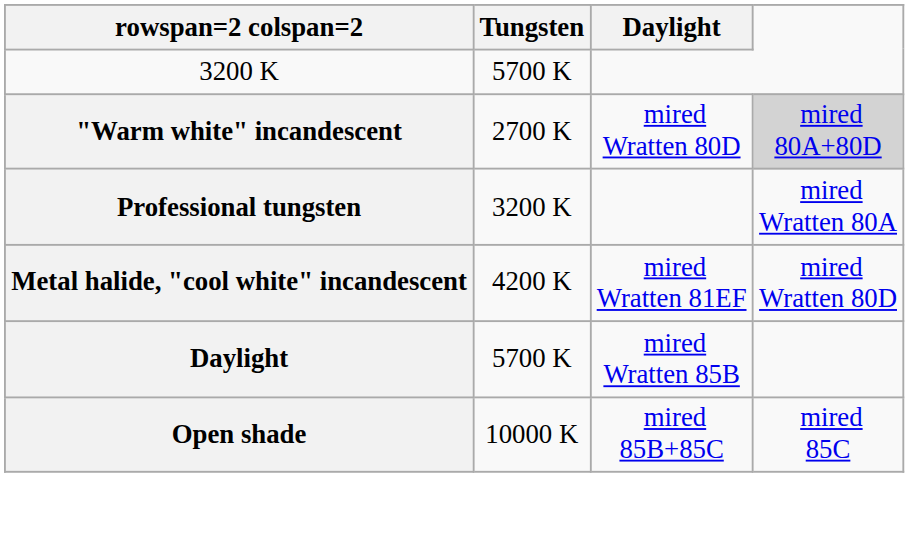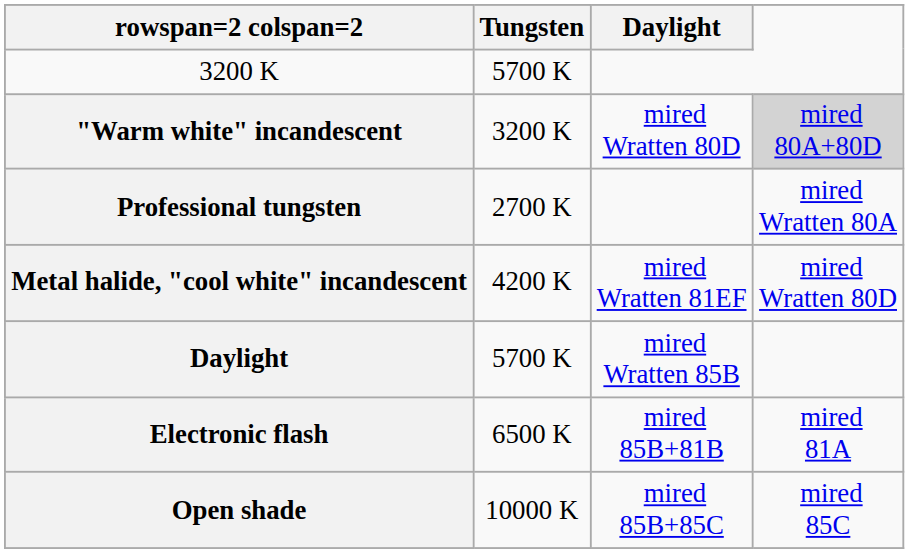 <table class="wikitable" style="font-size:90%;text-align:center;">
 <tr>
 <th>rowspan=2 colspan=2 </th>
 <th>Tungsten</th>
 <th>Daylight</th>
 </tr>
 <tr>
 <td>3200 K</td>
 <td>5700 K</td>
 </tr>
 <tr>
 <th>"Warm white" incandescent</th>
-<td>2700 K</td>
+<td>3200 K</td>
 <td> <a href='#'>mired</a><br><a href='#'>Wratten 80D</a></td>
 <td style="background: lightgrey;"> <a href='#'>mired</a><br><a href='#'>80A+80D</a></td>
 </tr>
 <tr>
 <th>Professional tungsten</th>
-<td>3200 K</td>
+<td>2700 K</td>
 <td></td>
 <td> <a href='#'>mired</a><br><a href='#'>Wratten 80A</a></td>
 </tr>
 <tr>
 <th>Metal halide, "cool white" incandescent</th>
 <td>4200 K</td>
 <td> <a href='#'>mired</a><br><a href='#'>Wratten 81EF</a></td>
 <td> <a href='#'>mired</a><br><a href='#'>Wratten 80D</a></td>
 </tr>
 <tr>
 <th>Daylight</th>
 <td>5700 K</td>
 <td> <a href='#'>mired</a><br><a href='#'>Wratten 85B</a></td>
 <td></td>
 </tr>
 <tr>
+<th>Electronic flash</th>
+<td>6500 K</td>
+<td> <a href='#'>mired</a><br><a href='#'>85B+81B</a></td>
+<td> <a href='#'>mired</a><br><a href='#'>81A</a></td>
+</tr>
+<tr>
 <th>Open shade</th>
 <td>10000 K</td>
 <td> <a href='#'>mired</a><br><a href='#'>85B+85C</a></td>
 <td> <a href='#'>mired</a><br><a href='#'>85C</a></td>
 </tr>
 </table>
